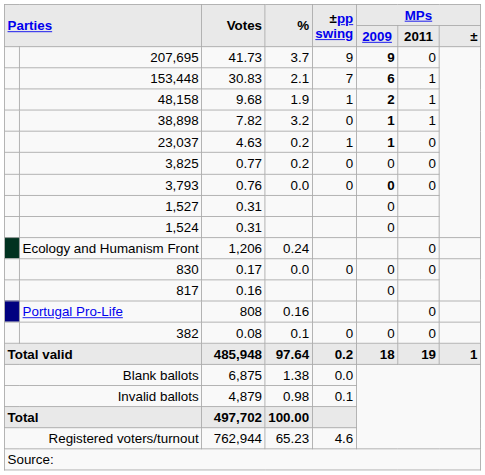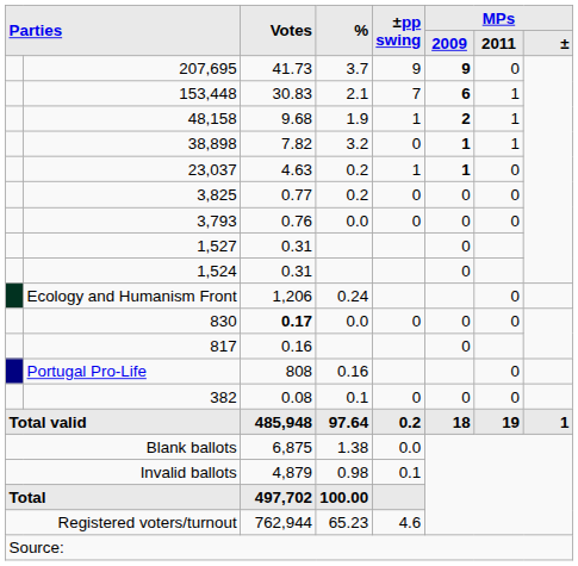 <table class="wikitable" style="text-align:right; font-size:95%;">
 <tr>
 <th rowspan="2" colspan="2" style="background:#e9e9e9; text-align:left;" alignleft><a href='#'>Parties</a></th>
 <th rowspan="2" style="background:#e9e9e9; text-align:right;">Votes</th>
 <th rowspan="2" style="background:#e9e9e9; text-align:right;">%</th>
 <th rowspan="2" style="background:#e9e9e9; text-align:right;">±<a href='#'>pp</a> <a href='#'>swing</a></th>
 <th colspan="3" style="background:#e9e9e9; text-align:center;"><a href='#'>MPs</a></th>
 </tr>
 <tr style="background-color:#E9E9E9">
 <th style="background-color:#E9E9E9;text-align:center;"><a href='#'>2009</a></th>
 <th style="background-color:#E9E9E9;text-align:center;">2011</th>
 <th style="background:#e9e9e9; text-align:right;">±</th>
 </tr>
 <tr>
 <td></td>
 <td>207,695</td>
 <td>41.73</td>
 <td>3.7</td>
 <td>9</td>
 <td><strong>9</strong></td>
 <td>0</td>
 </tr>
 <tr>
 <td></td>
 <td>153,448</td>
 <td>30.83</td>
 <td>2.1</td>
 <td>7</td>
 <td><strong>6</strong></td>
 <td>1</td>
 </tr>
 <tr>
 <td></td>
 <td>48,158</td>
 <td>9.68</td>
 <td>1.9</td>
 <td>1</td>
 <td><strong>2</strong></td>
 <td>1</td>
 </tr>
 <tr>
 <td></td>
 <td>38,898</td>
 <td>7.82</td>
 <td>3.2</td>
 <td>0</td>
 <td><strong>1</strong></td>
 <td>1</td>
 </tr>
 <tr>
 <td></td>
 <td>23,037</td>
 <td>4.63</td>
 <td>0.2</td>
 <td>1</td>
 <td><strong>1</strong></td>
 <td>0</td>
 </tr>
 <tr>
 <td></td>
 <td>3,825</td>
 <td>0.77</td>
 <td>0.2</td>
 <td>0</td>
 <td>0</td>
 <td>0</td>
 </tr>
 <tr>
 <td></td>
 <td>3,793</td>
 <td>0.76</td>
 <td>0.0</td>
 <td>0</td>
-<td><strong>0</strong></td>
+<td>0</td>
 <td>0</td>
 </tr>
 <tr>
 <td></td>
 <td>1,527</td>
 <td>0.31</td>
 <td></td>
 <td></td>
 <td>0</td>
 <td></td>
 </tr>
 <tr>
 <td></td>
 <td>1,524</td>
 <td>0.31</td>
 <td></td>
 <td></td>
 <td>0</td>
 <td></td>
 </tr>
 <tr>
 <td style="width:10px;background-color:#013220;text-align:center;"></td>
 <td style="text-align:left;">Ecology and Humanism Front </td>
 <td>1,206</td>
 <td>0.24</td>
 <td></td>
 <td></td>
 <td>0</td>
 <td></td>
 </tr>
 <tr>
 <td></td>
 <td>830</td>
-<td>0.17</td>
+<td><strong>0.17</strong></td>
 <td>0.0</td>
 <td>0</td>
 <td>0</td>
 <td>0</td>
 </tr>
 <tr>
 <td></td>
 <td>817</td>
 <td>0.16</td>
 <td></td>
 <td></td>
 <td>0</td>
 <td></td>
 </tr>
 <tr>
 <td style="width:10px;background-color:#000080;text-align:center;"></td>
 <td style="text-align:left;"><a href='#'>Portugal Pro-Life</a></td>
 <td>808</td>
 <td>0.16</td>
 <td></td>
 <td></td>
 <td>0</td>
 <td></td>
 </tr>
 <tr>
 <td></td>
 <td>382</td>
 <td>0.08</td>
 <td>0.1</td>
 <td>0</td>
 <td>0</td>
 <td>0</td>
 </tr>
 <tr>
 <td colspan=2 align=left style="background-color:#E9E9E9"><strong>Total valid</strong></td>
 <td width="65" align="right" style="background-color:#E9E9E9"><strong>485,948</strong></td>
 <td width="40" align="right" style="background-color:#E9E9E9"><strong>97.64</strong></td>
 <td width="40" align="right" style="background-color:#E9E9E9"><strong>0.2</strong></td>
 <td width="40" align="right" style="background-color:#E9E9E9"><strong>18</strong></td>
 <td width="40" align="right" style="background-color:#E9E9E9"><strong>19</strong></td>
 <td width="40" align="right" style="background-color:#E9E9E9"><strong>1</strong></td>
 </tr>
 <tr>
 <td colspan=2>Blank ballots</td>
 <td>6,875</td>
 <td>1.38</td>
 <td>0.0</td>
 <td colspan=4 rowspan=4></td>
 </tr>
 <tr>
 <td colspan=2>Invalid ballots</td>
 <td>4,879</td>
 <td>0.98</td>
 <td>0.1</td>
 </tr>
 <tr>
 <td colspan=2 align=left style="background-color:#E9E9E9"><strong>Total</strong></td>
 <td width="50" align="right" style="background-color:#E9E9E9"><strong>497,702</strong></td>
 <td width="40" align="right" style="background-color:#E9E9E9"><strong>100.00</strong></td>
 <td width="40" align="right" style="background-color:#E9E9E9"></td>
 </tr>
 <tr>
 <td colspan=2>Registered voters/turnout</td>
 <td>762,944</td>
 <td>65.23</td>
 <td>4.6</td>
 </tr>
 <tr>
 <td colspan=11 align=left>Source: </td>
 </tr>
 </table>
